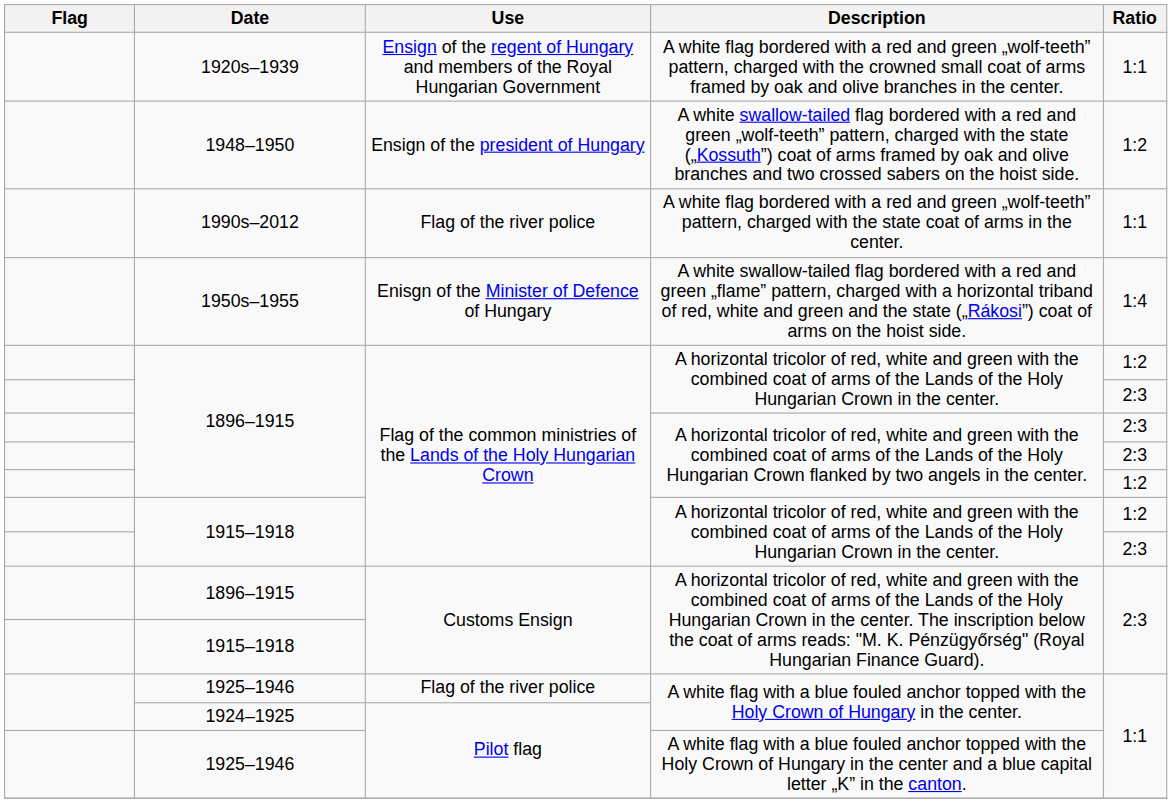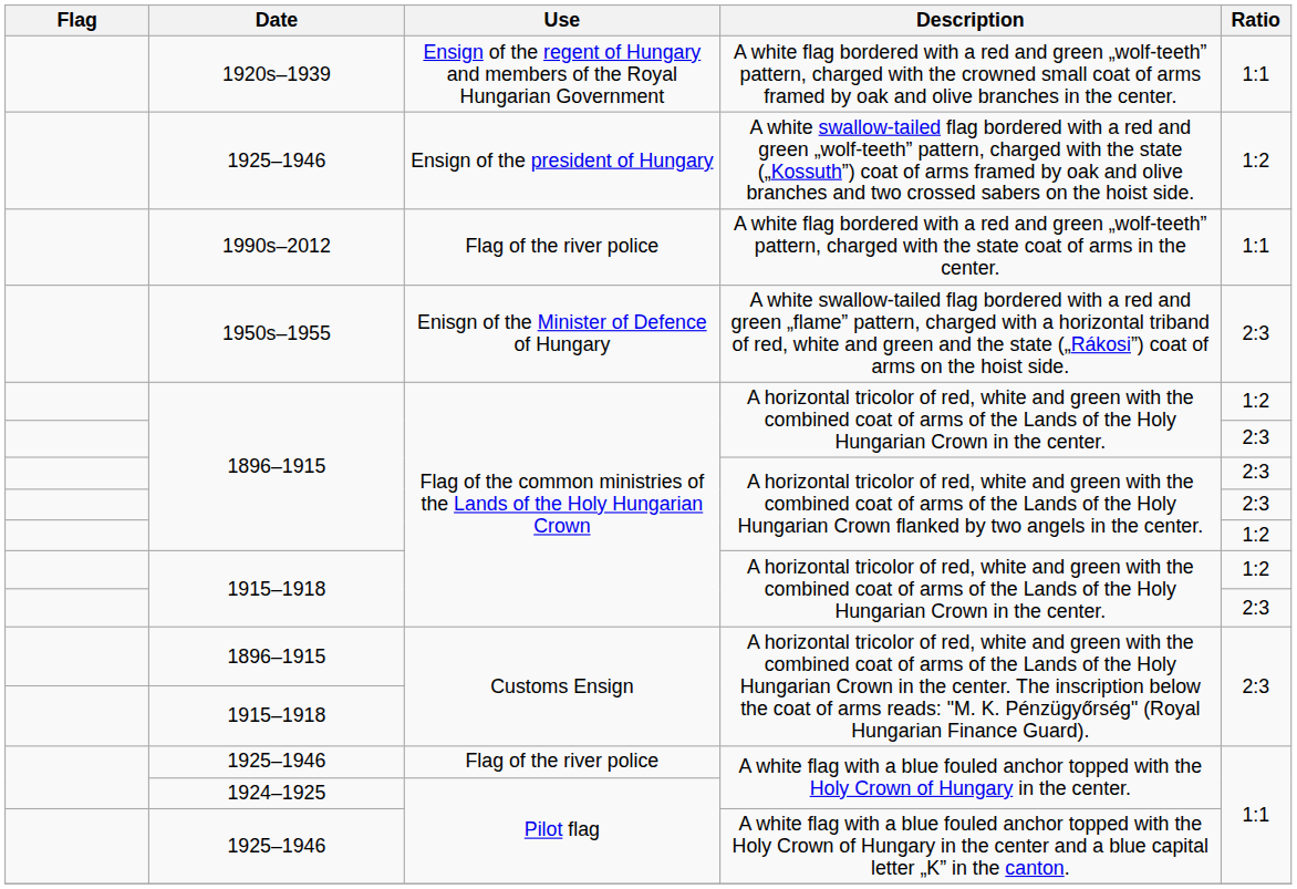 <table class="wikitable" style="text-align:center;">
 <tr>
 <th width="110">Flag</th>
 <th width="200">Date</th>
 <th width="250">Use</th>
 <th width="400">Description</th>
 <th width="50">Ratio</th>
 </tr>
 <tr>
 <td></td>
 <td>1920s–1939</td>
 <td><a href='#'>Ensign</a> of the <a href='#'>regent of Hungary</a> and members of the Royal Hungarian Government</td>
 <td>A white flag bordered with a red and green „wolf-teeth” pattern, charged with the crowned small coat of arms framed by oak and olive branches in the center.</td>
 <td>1:1</td>
 </tr>
 <tr>
 <td></td>
-<td>1948–1950</td>
+<td>1925–1946</td>
 <td>Ensign of the <a href='#'>president of Hungary</a></td>
 <td>A white  <a href='#'>swallow-tailed</a> flag bordered with a red and green „wolf-teeth” pattern, charged with the state („<a href='#'>Kossuth</a>”) coat of arms framed by oak and olive branches and two crossed sabers on the hoist side.</td>
 <td>1:2</td>
 </tr>
 <tr>
 <td></td>
 <td>1990s–2012</td>
 <td>Flag of the river police</td>
 <td>A white flag bordered with a red and green „wolf-teeth” pattern, charged with the state coat of arms in the center.</td>
 <td>1:1</td>
 </tr>
 <tr>
 <td></td>
 <td>1950s–1955</td>
 <td>Enisgn of the <a href='#'>Minister of Defence</a> of Hungary</td>
 <td>A white swallow-tailed flag bordered with a red and green „flame” pattern, charged with a horizontal triband of red, white and green and the state („<a href='#'>Rákosi</a>”) coat of arms on the hoist side.</td>
-<td>1:4</td>
+<td>2:3</td>
 </tr>
 <tr>
 <td></td>
 <td rowspan="5">1896–1915</td>
 <td rowspan="7">Flag of the common ministries of the <a href='#'>Lands of the Holy Hungarian Crown</a></td>
 <td rowspan="2">A horizontal tricolor of red, white and green with the combined coat of arms of the Lands of the Holy Hungarian Crown in the center.</td>
 <td>1:2</td>
 </tr>
 <tr>
 <td></td>
 <td>2:3</td>
 </tr>
 <tr>
 <td></td>
 <td rowspan="3">A horizontal tricolor of red, white and green with the combined coat of arms of the Lands of the Holy Hungarian Crown flanked by two angels in the center.</td>
 <td>2:3</td>
 </tr>
 <tr>
 <td></td>
 <td>2:3</td>
 </tr>
 <tr>
 <td></td>
 <td>1:2</td>
 </tr>
 <tr>
 <td></td>
 <td rowspan="2">1915–1918</td>
 <td rowspan="2">A horizontal tricolor of red, white and green with the combined coat of arms of the Lands of the Holy Hungarian Crown in the center.</td>
 <td>1:2</td>
 </tr>
 <tr>
 <td></td>
 <td>2:3</td>
 </tr>
 <tr>
 <td></td>
 <td>1896–1915</td>
 <td rowspan="2">Customs Ensign</td>
 <td rowspan="2">A horizontal tricolor of red, white and green with the combined coat of arms of the Lands of the Holy Hungarian Crown in the center. The inscription below the coat of arms reads: "M. K. Pénzügyőrség" (Royal Hungarian Finance Guard).</td>
 <td rowspan="2">2:3</td>
 </tr>
 <tr>
 <td></td>
 <td>1915–1918</td>
 </tr>
 <tr>
 <td rowspan="2"></td>
 <td>1925–1946</td>
 <td>Flag of the river police</td>
 <td rowspan="2">A white flag with a blue fouled anchor topped with the <a href='#'>Holy Crown of Hungary</a> in the center.</td>
 <td rowspan="3">1:1</td>
 </tr>
 <tr>
 <td>1924–1925</td>
 <td rowspan="2"><a href='#'>Pilot</a> flag</td>
 </tr>
 <tr>
 <td></td>
 <td>1925–1946</td>
 <td>A white flag with a blue fouled anchor topped with the Holy Crown of Hungary in the center and a blue capital letter „K” in the <a href='#'>canton</a>.</td>
 </tr>
 <tr>
 </tr>
 </table>
